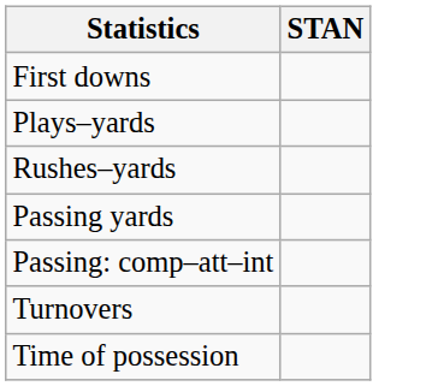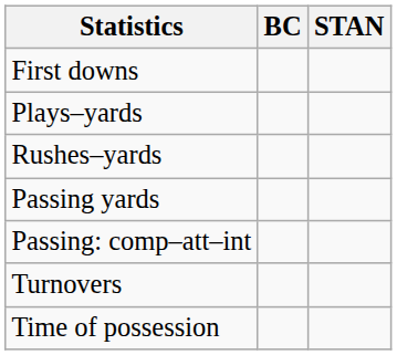 <table class="wikitable" style="float:left">
 <tr>
 <th>Statistics</th>
+<th>BC</th>
 <th>STAN</th>
 </tr>
 <tr>
 <td>First downs</td>
 <td></td>
+<td></td>
 </tr>
 <tr>
 <td>Plays–yards</td>
+<td></td>
 <td></td>
 </tr>
 <tr>
 <td>Rushes–yards</td>
 <td></td>
+<td></td>
 </tr>
 <tr>
 <td>Passing yards</td>
+<td></td>
 <td></td>
 </tr>
 <tr>
 <td>Passing: comp–att–int</td>
 <td></td>
+<td></td>
 </tr>
 <tr>
 <td>Turnovers</td>
+<td></td>
 <td></td>
 </tr>
 <tr>
 <td>Time of possession</td>
 <td></td>
+<td></td>
 </tr>
 </table>
